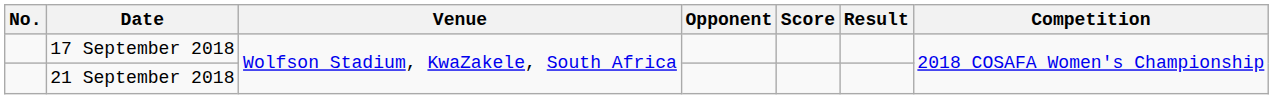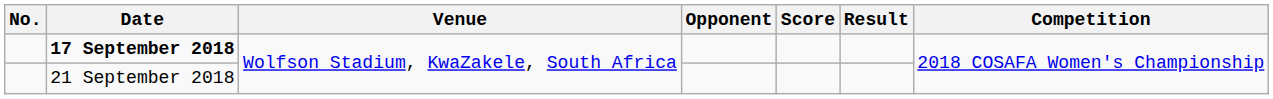 <table class="wikitable">
 <tr>
 <th>No.</th>
 <th>Date</th>
 <th>Venue</th>
 <th>Opponent</th>
 <th>Score</th>
 <th>Result</th>
 <th>Competition</th>
 </tr>
 <tr>
 <td></td>
-<td>17 September 2018</td>
+<td><strong>17 September 2018</strong></td>
 <td rowspan=2><a href='#'>Wolfson Stadium</a>, <a href='#'>KwaZakele</a>, <a href='#'>South Africa</a></td>
 <td></td>
 <td></td>
 <td></td>
 <td rowspan=2><a href='#'>2018 COSAFA Women's Championship</a></td>
 </tr>
 <tr>
 <td></td>
 <td>21 September 2018</td>
 <td></td>
 <td></td>
 <td></td>
 </tr>
 </table>
